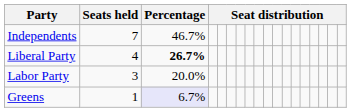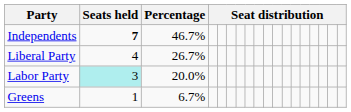 <table class="wikitable" style="text-align:right;">
 <tr>
 <th>Party</th>
 <th>Seats held</th>
 <th>Percentage</th>
 <th colspan=15>Seat distribution</th>
 </tr>
 <tr>
 <td style="text-align:left;"><a href='#'>Independents</a></td>
-<td>7</td>
+<td><strong>7</strong></td>
 <td>46.7%</td>
 <td> </td>
 <td> </td>
 <td> </td>
 <td> </td>
 <td> </td>
 <td> </td>
 <td> </td>
 <td> </td>
 <td> </td>
 <td> </td>
 <td> </td>
 <td> </td>
 <td> </td>
 <td> </td>
 <td> </td>
 </tr>
 <tr>
 <td style="text-align:left;"><a href='#'>Liberal Party</a></td>
 <td>4</td>
-<td><strong>26.7%</strong></td>
+<td>26.7%</td>
 <td> </td>
 <td> </td>
 <td> </td>
 <td> </td>
 <td> </td>
 <td> </td>
 <td> </td>
 <td> </td>
 <td> </td>
 <td> </td>
 <td> </td>
 <td> </td>
 <td> </td>
 <td> </td>
 <td> </td>
 </tr>
 <tr>
 <td style="text-align:left;"><a href='#'>Labor Party</a></td>
-<td>3</td>
+<td style="background: paleturquoise;">3</td>
 <td>20.0%</td>
 <td> </td>
 <td> </td>
 <td> </td>
 <td> </td>
 <td> </td>
 <td> </td>
 <td> </td>
 <td> </td>
 <td> </td>
 <td> </td>
 <td> </td>
 <td> </td>
 <td> </td>
 <td> </td>
 <td> </td>
 </tr>
 <tr>
 <td style="text-align:left;"><a href='#'>Greens</a></td>
 <td>1</td>
-<td style="background: lavender;">6.7%</td>
+<td>6.7%</td>
 <td> </td>
 <td> </td>
 <td> </td>
 <td> </td>
 <td> </td>
 <td> </td>
 <td> </td>
 <td> </td>
 <td> </td>
 <td> </td>
 <td> </td>
 <td> </td>
 <td> </td>
 <td> </td>
 <td> </td>
 </tr>
 </table>
